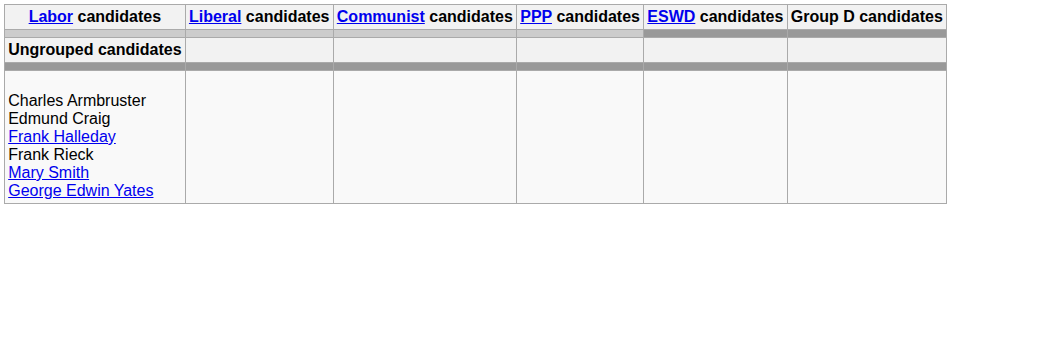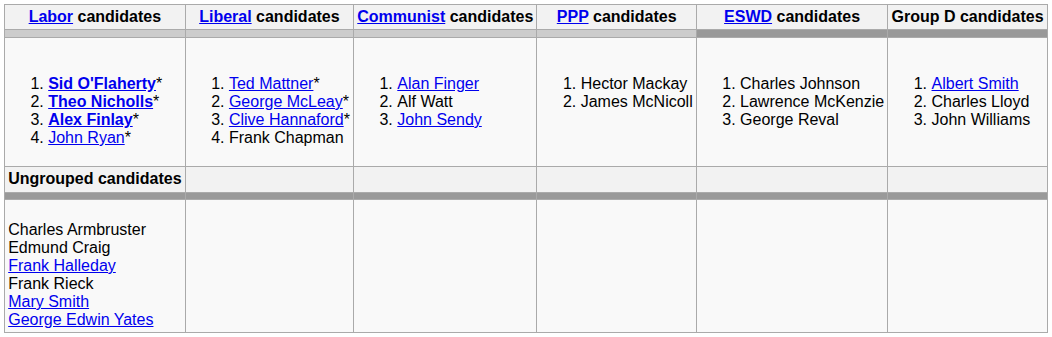 <table class="wikitable">
 <tr>
 <th><a href='#'>Labor</a> candidates</th>
 <th><a href='#'>Liberal</a> candidates</th>
 <th><a href='#'>Communist</a> candidates</th>
 <th><a href='#'>PPP</a> candidates</th>
 <th><a href='#'>ESWD</a> candidates</th>
 <th>Group D candidates</th>
 </tr>
 <tr bgcolor="#cccccc">
 <td></td>
 <td></td>
 <td></td>
 <td></td>
 <td bgcolor="#999999"></td>
 <td bgcolor="#999999"></td>
+</tr>
+<tr>
+<td><br><ol><li><strong><a href='#'>Sid O'Flaherty</a></strong>*</li><li><strong><a href='#'>Theo Nicholls</a></strong>*</li><li><strong><a href='#'>Alex Finlay</a></strong>*</li><li><a href='#'>John Ryan</a>*</li></ol></td>
+<td><br><ol><li><a href='#'>Ted Mattner</a>*</li><li><a href='#'>George McLeay</a>*</li><li><a href='#'>Clive Hannaford</a>*</li><li>Frank Chapman</li></ol></td>
+<td valign=top><br><ol><li><a href='#'>Alan Finger</a></li><li>Alf Watt</li><li><a href='#'>John Sendy</a></li></ol></td>
+<td valign=top><br><ol><li>Hector Mackay</li><li>James McNicoll</li></ol></td>
+<td valign=top><br><ol><li>Charles Johnson</li><li>Lawrence McKenzie</li><li>George Reval</li></ol></td>
+<td valign=top><br><ol><li><a href='#'>Albert Smith</a></li><li>Charles Lloyd</li><li>John Williams</li></ol></td>
 </tr>
 <tr bgcolor="#cccccc">
 <th>Ungrouped candidates</th>
 <th></th>
 <th></th>
 <th></th>
 <th></th>
 <th></th>
 </tr>
 <tr bgcolor="#cccccc">
 <td bgcolor="#999999"></td>
 <td bgcolor="#999999"></td>
 <td bgcolor="#999999"></td>
 <td bgcolor="#999999"></td>
 <td bgcolor="#999999"></td>
 <td bgcolor="#999999"></td>
 </tr>
 <tr>
 <td valign=top><br>Charles Armbruster<br> Edmund Craig<br> <a href='#'>Frank Halleday</a><br> Frank Rieck<br> <a href='#'>Mary Smith</a><br> <a href='#'>George Edwin Yates</a></td>
 <td valign=top></td>
 <td valign=top></td>
 <td valign=top></td>
 <td valign=top></td>
 <td valign=top></td>
 </tr>
 </table>
